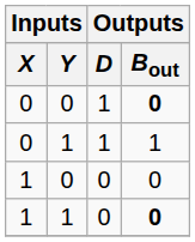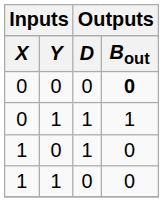 <table class="wikitable" style="text-align:center">
 <tr>
 <th colspan="2">Inputs</th>
 <th colspan="2">Outputs</th>
 </tr>
 <tr>
 </tr>
 <tr>
 <th><em>X</em></th>
 <th><em>Y</em></th>
 <th><em>D</em></th>
 <th><em>B</em><sub>out</sub></th>
 </tr>
 <tr>
 <td>0</td>
 <td>0</td>
-<td>1</td>
+<td>0</td>
 <td><strong>0</strong></td>
 </tr>
 <tr>
 <td>0</td>
 <td>1</td>
 <td>1</td>
 <td>1</td>
 </tr>
 <tr>
 <td>1</td>
 <td>0</td>
-<td>0</td>
+<td>1</td>
 <td>0</td>
 </tr>
 <tr>
 <td>1</td>
 <td>1</td>
 <td>0</td>
-<td><strong>0</strong></td>
+<td>0</td>
 </tr>
 <tr>
 </tr>
 </table>
